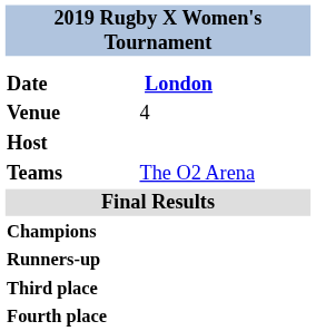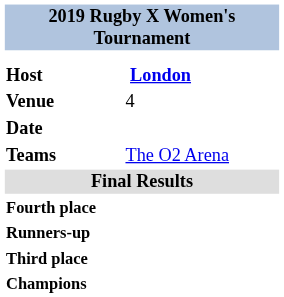 <table class="toccolours" style="float: right; margin: 0 0 1em 1em; font-size: 90%;" width=220px>
 <tr>
 <td colspan="2"  style="background:#b0c4de; text-align:center; height:30px;"><strong>2019 Rugby X Women's Tournament</strong></td>
 </tr>
 <tr>
 <td colspan="2" style="text-align: center;"></td>
 </tr>
 <tr style="vertical-align:top;">
 <td colspan=2></td>
 </tr>
 <tr style="vertical-align:top;">
-<td><strong>Date</strong></td>
+<td><strong>Host</strong></td>
 <td><strong> <a href='#'>London</a></strong></td>
 </tr>
 <tr style="vertical-align:top;">
 <td><strong>Venue</strong></td>
 <td>4</td>
 </tr>
 <tr style="vertical-align:top;">
-<td><strong>Host</strong></td>
+<td><strong>Date</strong></td>
 <td></td>
 </tr>
 <tr style="vertical-align:top;">
 <td width=90><strong>Teams</strong></td>
 <td><a href='#'>The O2 Arena</a></td>
 </tr>
 <tr>
 <td colspan="2" style="background: #dedede; text-align: center;"><strong>Final Results</strong></td>
 </tr>
 <tr style="vertical-align:top;">
-<td style="font-size:90%; width:90px;"><strong>Champions</strong></td>
+<td style="font-size:90%; width:90px;"><strong>Fourth place</strong></td>
 <td align=left></td>
 </tr>
 <tr>
 <td style="font-size:90%; width:90px;"><strong>Runners-up</strong></td>
 <td align=left></td>
 </tr>
 <tr>
 <td style="font-size:90%; width:90px;"><strong>Third place</strong></td>
 <td align=left></td>
 </tr>
 <tr>
-<td style="font-size:90%; width:90px;"><strong>Fourth place</strong></td>
+<td style="font-size:90%; width:90px;"><strong>Champions</strong></td>
 <td align=left></td>
 </tr>
 </table>
